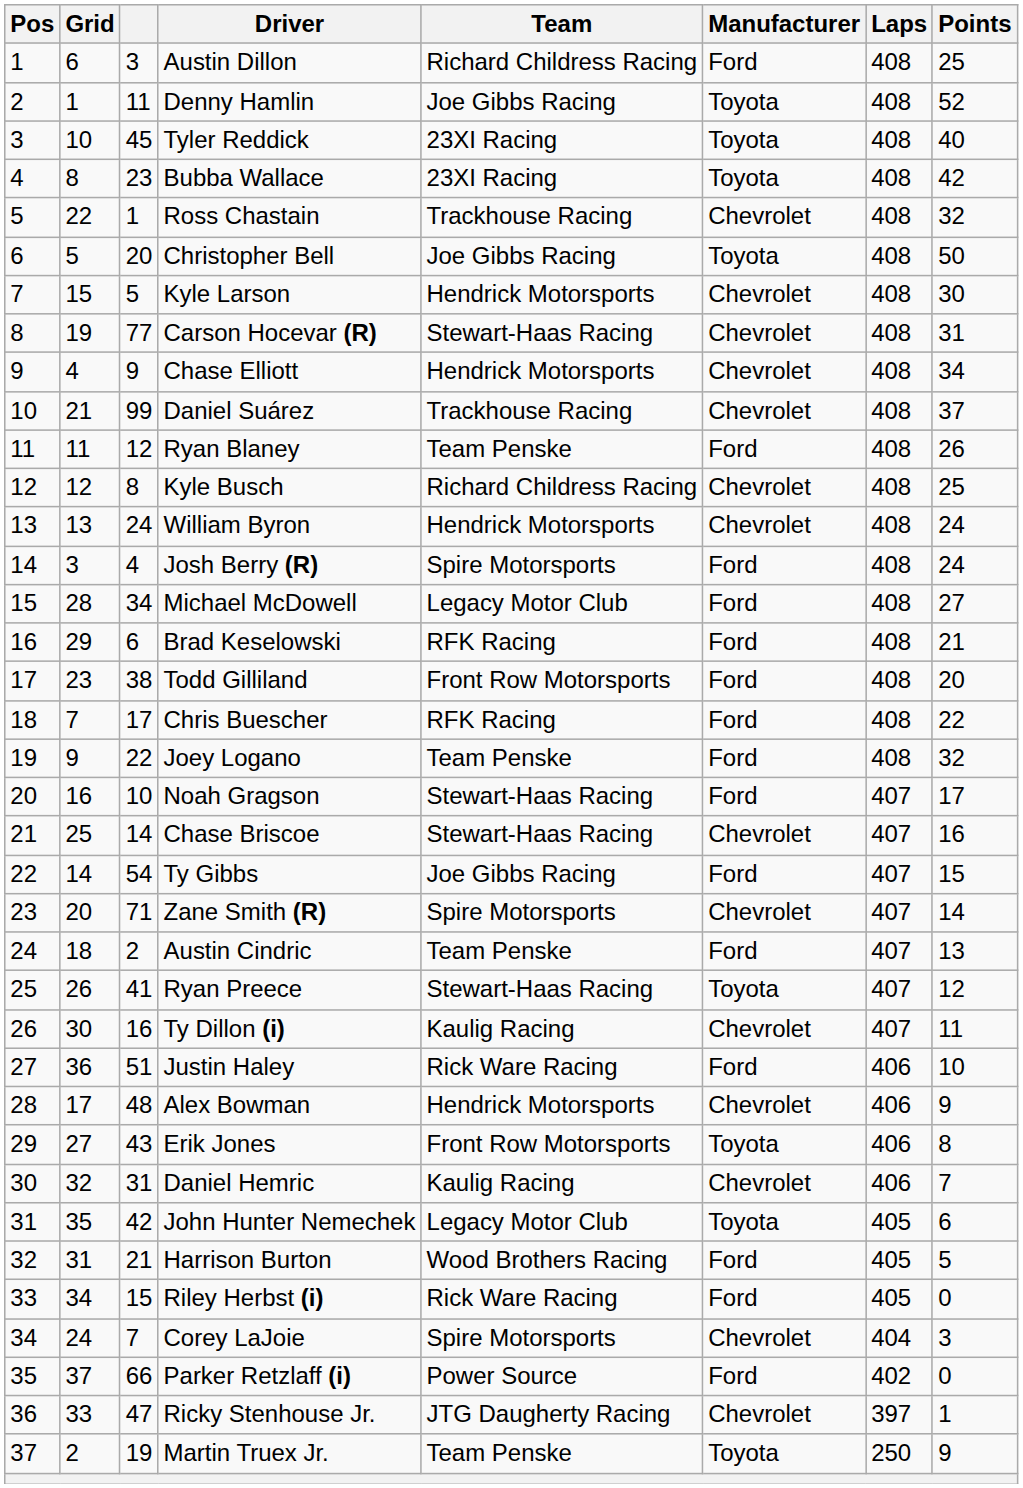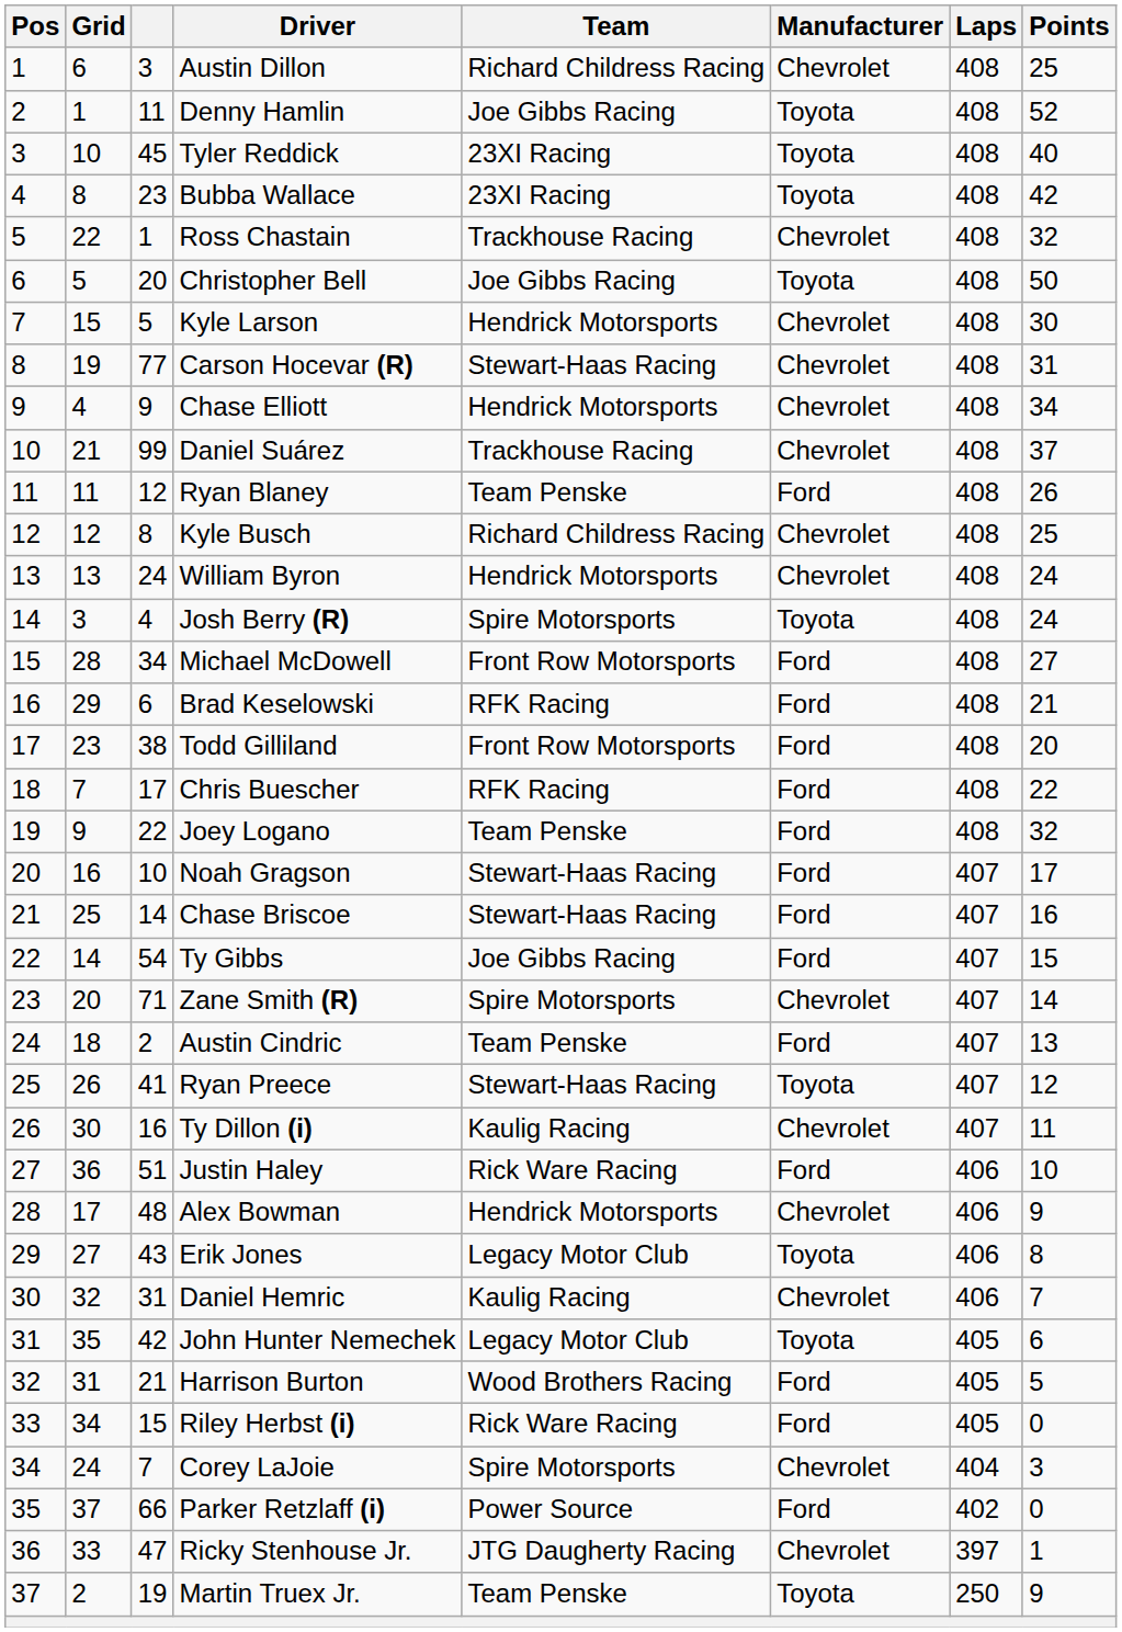 <table class="wikitable" style="font-size:98%">
 <tr>
 <th>Pos</th>
 <th>Grid</th>
 <th></th>
 <th>Driver</th>
 <th>Team</th>
 <th>Manufacturer</th>
 <th>Laps</th>
 <th>Points</th>
 </tr>
 <tr>
 <td>1</td>
 <td>6</td>
 <td>3</td>
 <td>Austin Dillon </td>
 <td>Richard Childress Racing</td>
-<td>Ford</td>
+<td>Chevrolet</td>
 <td>408</td>
 <td>25</td>
 </tr>
 <tr>
 <td>2</td>
 <td>1</td>
 <td>11</td>
 <td>Denny Hamlin</td>
 <td>Joe Gibbs Racing</td>
 <td>Toyota</td>
 <td>408</td>
 <td>52</td>
 </tr>
 <tr>
 <td>3</td>
 <td>10</td>
 <td>45</td>
 <td>Tyler Reddick</td>
 <td>23XI Racing</td>
 <td>Toyota</td>
 <td>408</td>
 <td>40</td>
 </tr>
 <tr>
 <td>4</td>
 <td>8</td>
 <td>23</td>
 <td>Bubba Wallace</td>
 <td>23XI Racing</td>
 <td>Toyota</td>
 <td>408</td>
 <td>42</td>
 </tr>
 <tr>
 <td>5</td>
 <td>22</td>
 <td>1</td>
 <td>Ross Chastain</td>
 <td>Trackhouse Racing</td>
 <td>Chevrolet</td>
 <td>408</td>
 <td>32</td>
 </tr>
 <tr>
 <td>6</td>
 <td>5</td>
 <td>20</td>
 <td>Christopher Bell</td>
 <td>Joe Gibbs Racing</td>
 <td>Toyota</td>
 <td>408</td>
 <td>50</td>
 </tr>
 <tr>
 <td>7</td>
 <td>15</td>
 <td>5</td>
 <td>Kyle Larson</td>
 <td>Hendrick Motorsports</td>
 <td>Chevrolet</td>
 <td>408</td>
 <td>30</td>
 </tr>
 <tr>
 <td>8</td>
 <td>19</td>
 <td>77</td>
 <td>Carson Hocevar <strong>(R)</strong></td>
 <td>Stewart-Haas Racing</td>
 <td>Chevrolet</td>
 <td>408</td>
 <td>31</td>
 </tr>
 <tr>
 <td>9</td>
 <td>4</td>
 <td>9</td>
 <td>Chase Elliott</td>
 <td>Hendrick Motorsports</td>
 <td>Chevrolet</td>
 <td>408</td>
 <td>34</td>
 </tr>
 <tr>
 <td>10</td>
 <td>21</td>
 <td>99</td>
 <td>Daniel Suárez</td>
 <td>Trackhouse Racing</td>
 <td>Chevrolet</td>
 <td>408</td>
 <td>37</td>
 </tr>
 <tr>
 <td>11</td>
 <td>11</td>
 <td>12</td>
 <td>Ryan Blaney</td>
 <td>Team Penske</td>
 <td>Ford</td>
 <td>408</td>
 <td>26</td>
 </tr>
 <tr>
 <td>12</td>
 <td>12</td>
 <td>8</td>
 <td>Kyle Busch</td>
 <td>Richard Childress Racing</td>
 <td>Chevrolet</td>
 <td>408</td>
 <td>25</td>
 </tr>
 <tr>
 <td>13</td>
 <td>13</td>
 <td>24</td>
 <td>William Byron</td>
 <td>Hendrick Motorsports</td>
 <td>Chevrolet</td>
 <td>408</td>
 <td>24</td>
 </tr>
 <tr>
 <td>14</td>
 <td>3</td>
 <td>4</td>
 <td>Josh Berry <strong>(R)</strong></td>
 <td>Spire Motorsports</td>
-<td>Ford</td>
+<td>Toyota</td>
 <td>408</td>
 <td>24</td>
 </tr>
 <tr>
 <td>15</td>
 <td>28</td>
 <td>34</td>
 <td>Michael McDowell</td>
-<td>Legacy Motor Club</td>
+<td>Front Row Motorsports</td>
 <td>Ford</td>
 <td>408</td>
 <td>27</td>
 </tr>
 <tr>
 <td>16</td>
 <td>29</td>
 <td>6</td>
 <td>Brad Keselowski</td>
 <td>RFK Racing</td>
 <td>Ford</td>
 <td>408</td>
 <td>21</td>
 </tr>
 <tr>
 <td>17</td>
 <td>23</td>
 <td>38</td>
 <td>Todd Gilliland</td>
 <td>Front Row Motorsports</td>
 <td>Ford</td>
 <td>408</td>
 <td>20</td>
 </tr>
 <tr>
 <td>18</td>
 <td>7</td>
 <td>17</td>
 <td>Chris Buescher</td>
 <td>RFK Racing</td>
 <td>Ford</td>
 <td>408</td>
 <td>22</td>
 </tr>
 <tr>
 <td>19</td>
 <td>9</td>
 <td>22</td>
 <td>Joey Logano</td>
 <td>Team Penske</td>
 <td>Ford</td>
 <td>408</td>
 <td>32</td>
 </tr>
 <tr>
 <td>20</td>
 <td>16</td>
 <td>10</td>
 <td>Noah Gragson</td>
 <td>Stewart-Haas Racing</td>
 <td>Ford</td>
 <td>407</td>
 <td>17</td>
 </tr>
 <tr>
 <td>21</td>
 <td>25</td>
 <td>14</td>
 <td>Chase Briscoe</td>
 <td>Stewart-Haas Racing</td>
-<td>Chevrolet</td>
+<td>Ford</td>
 <td>407</td>
 <td>16</td>
 </tr>
 <tr>
 <td>22</td>
 <td>14</td>
 <td>54</td>
 <td>Ty Gibbs</td>
 <td>Joe Gibbs Racing</td>
 <td>Ford</td>
 <td>407</td>
 <td>15</td>
 </tr>
 <tr>
 <td>23</td>
 <td>20</td>
 <td>71</td>
 <td>Zane Smith <strong>(R)</strong></td>
 <td>Spire Motorsports</td>
 <td>Chevrolet</td>
 <td>407</td>
 <td>14</td>
 </tr>
 <tr>
 <td>24</td>
 <td>18</td>
 <td>2</td>
 <td>Austin Cindric</td>
 <td>Team Penske</td>
 <td>Ford</td>
 <td>407</td>
 <td>13</td>
 </tr>
 <tr>
 <td>25</td>
 <td>26</td>
 <td>41</td>
 <td>Ryan Preece</td>
 <td>Stewart-Haas Racing</td>
 <td>Toyota</td>
 <td>407</td>
 <td>12</td>
 </tr>
 <tr>
 <td>26</td>
 <td>30</td>
 <td>16</td>
 <td>Ty Dillon <strong>(i)</strong></td>
 <td>Kaulig Racing</td>
 <td>Chevrolet</td>
 <td>407</td>
 <td>11</td>
 </tr>
 <tr>
 <td>27</td>
 <td>36</td>
 <td>51</td>
 <td>Justin Haley</td>
 <td>Rick Ware Racing</td>
 <td>Ford</td>
 <td>406</td>
 <td>10</td>
 </tr>
 <tr>
 <td>28</td>
 <td>17</td>
 <td>48</td>
 <td>Alex Bowman</td>
 <td>Hendrick Motorsports</td>
 <td>Chevrolet</td>
 <td>406</td>
 <td>9</td>
 </tr>
 <tr>
 <td>29</td>
 <td>27</td>
 <td>43</td>
 <td>Erik Jones</td>
-<td>Front Row Motorsports</td>
+<td>Legacy Motor Club</td>
 <td>Toyota</td>
 <td>406</td>
 <td>8</td>
 </tr>
 <tr>
 <td>30</td>
 <td>32</td>
 <td>31</td>
 <td>Daniel Hemric</td>
 <td>Kaulig Racing</td>
 <td>Chevrolet</td>
 <td>406</td>
 <td>7</td>
 </tr>
 <tr>
 <td>31</td>
 <td>35</td>
 <td>42</td>
 <td>John Hunter Nemechek</td>
 <td>Legacy Motor Club</td>
 <td>Toyota</td>
 <td>405</td>
 <td>6</td>
 </tr>
 <tr>
 <td>32</td>
 <td>31</td>
 <td>21</td>
 <td>Harrison Burton</td>
 <td>Wood Brothers Racing</td>
 <td>Ford</td>
 <td>405</td>
 <td>5</td>
 </tr>
 <tr>
 <td>33</td>
 <td>34</td>
 <td>15</td>
 <td>Riley Herbst <strong>(i)</strong></td>
 <td>Rick Ware Racing</td>
 <td>Ford</td>
 <td>405</td>
 <td>0</td>
 </tr>
 <tr>
 <td>34</td>
 <td>24</td>
 <td>7</td>
 <td>Corey LaJoie</td>
 <td>Spire Motorsports</td>
 <td>Chevrolet</td>
 <td>404</td>
 <td>3</td>
 </tr>
 <tr>
 <td>35</td>
 <td>37</td>
 <td>66</td>
 <td>Parker Retzlaff <strong>(i)</strong></td>
 <td>Power Source</td>
 <td>Ford</td>
 <td>402</td>
 <td>0</td>
 </tr>
 <tr>
 <td>36</td>
 <td>33</td>
 <td>47</td>
 <td>Ricky Stenhouse Jr.</td>
 <td>JTG Daugherty Racing</td>
 <td>Chevrolet</td>
 <td>397</td>
 <td>1</td>
 </tr>
 <tr>
 <td>37</td>
 <td>2</td>
 <td>19</td>
 <td>Martin Truex Jr.</td>
 <td>Team Penske</td>
 <td>Toyota</td>
 <td>250</td>
 <td>9</td>
 </tr>
 <tr>
 <th colspan="8"></th>
 </tr>
 </table>
